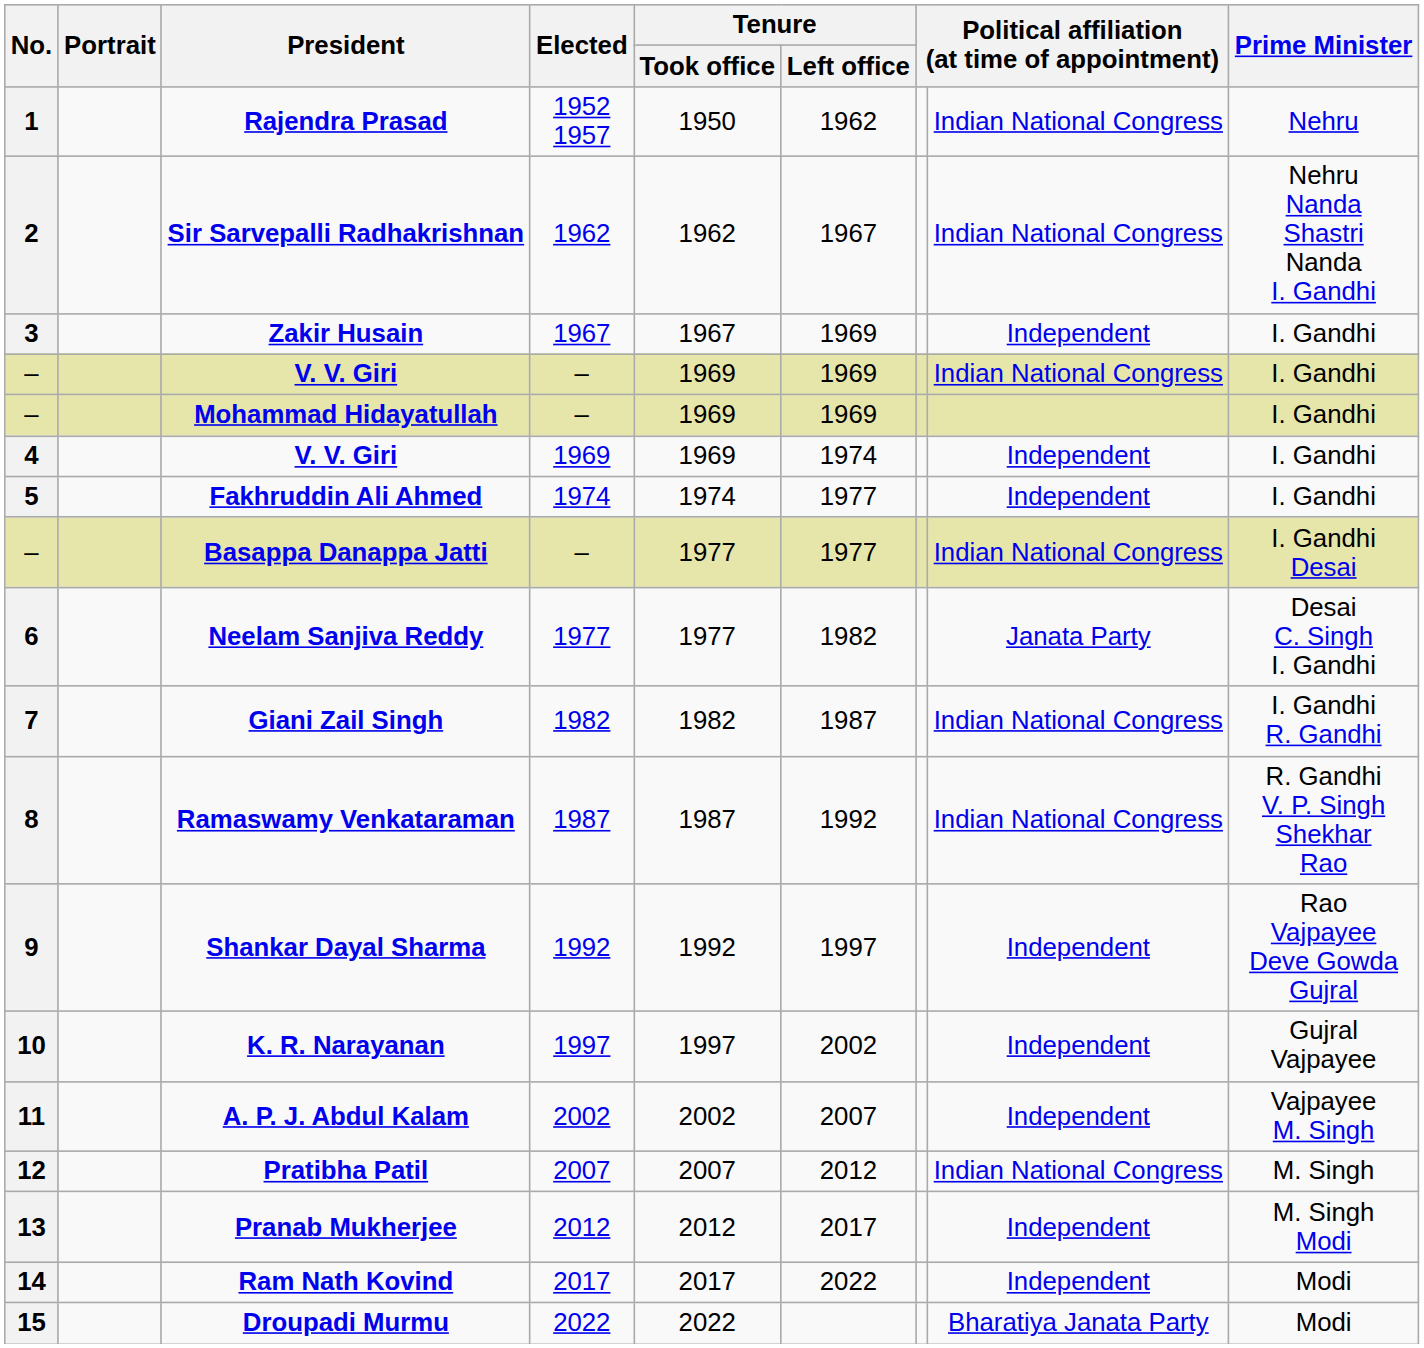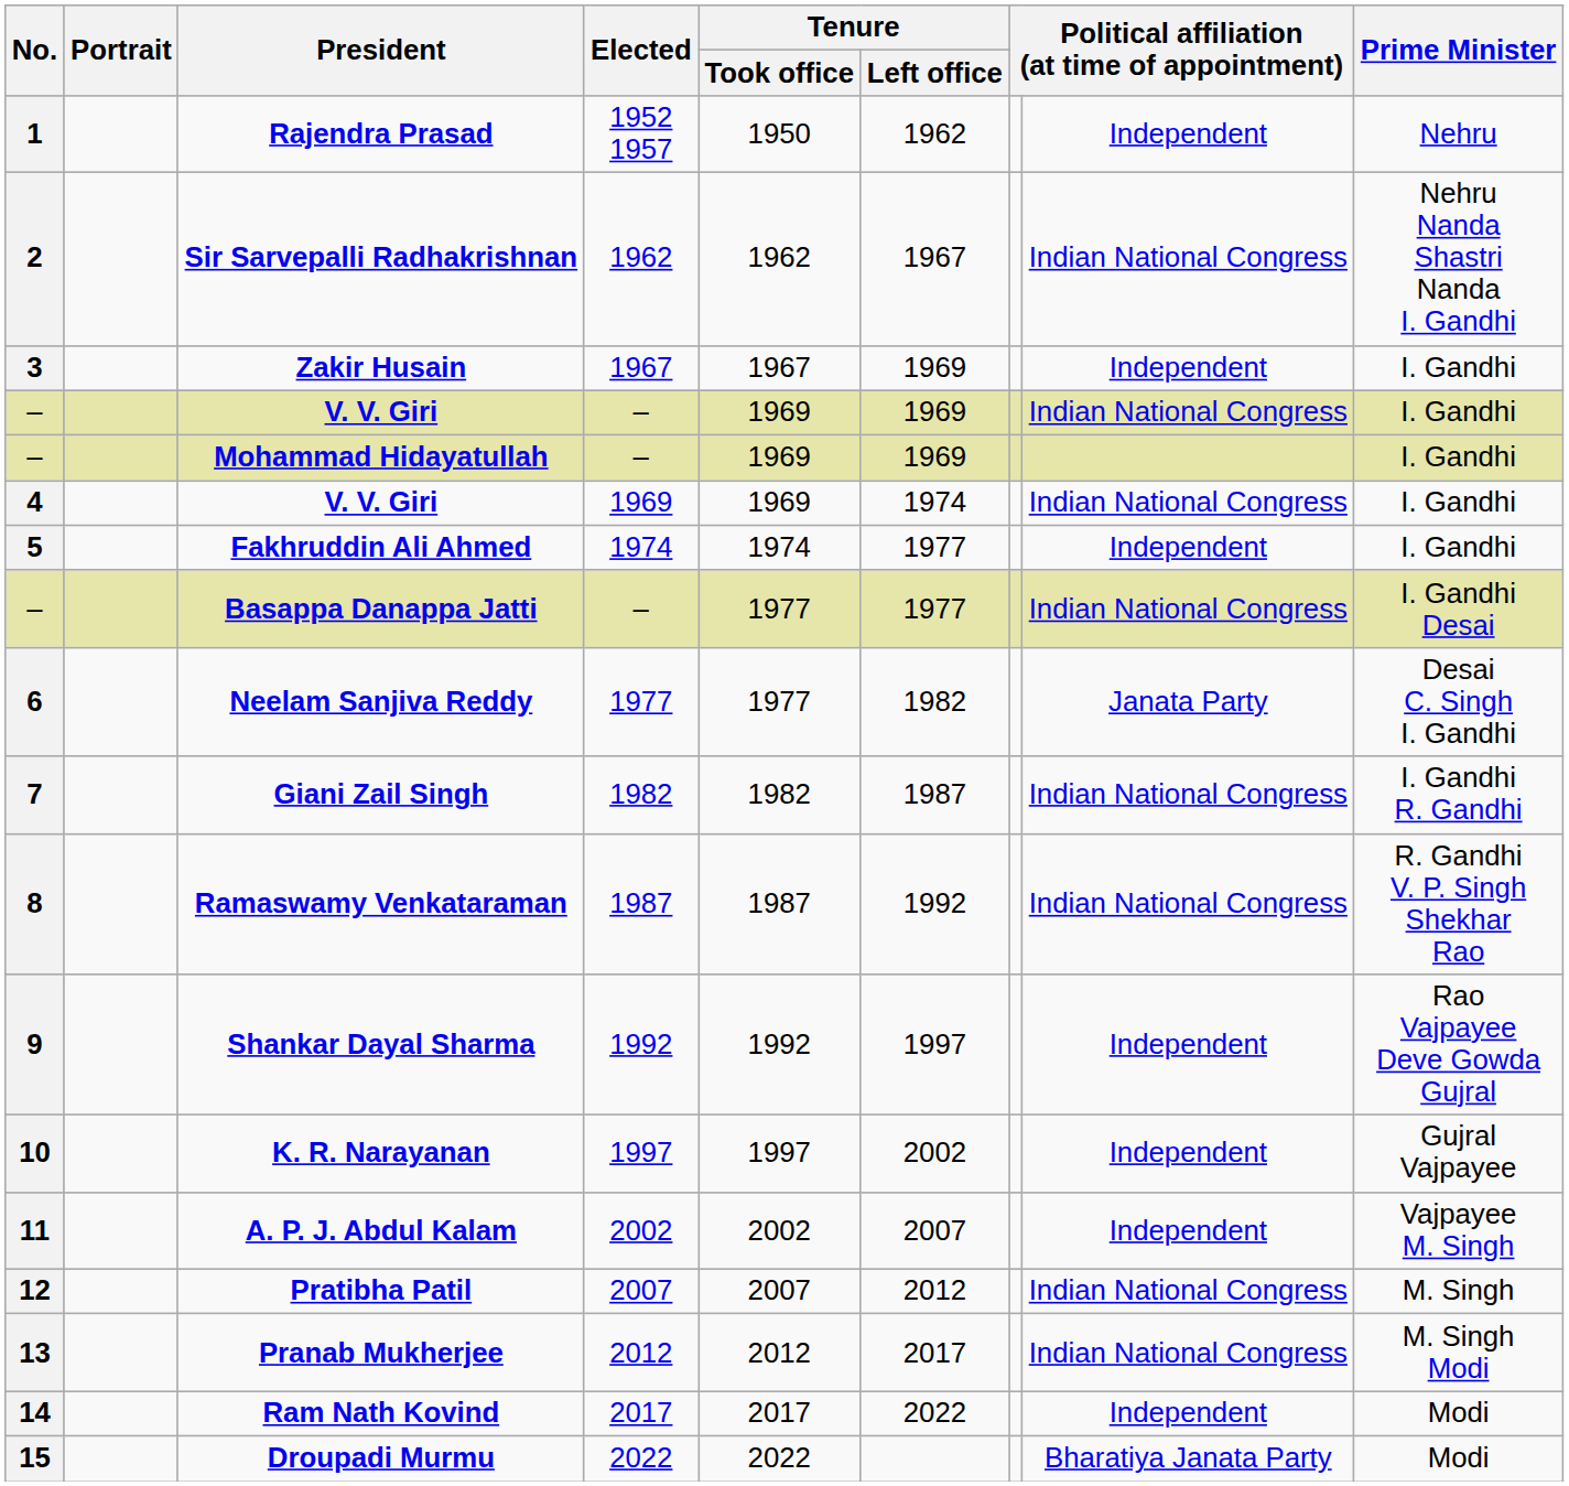 <table class="wikitable" style="text-align:center">
 <tr>
 <th rowspan=2>No.</th>
 <th rowspan=2>Portrait</th>
 <th rowspan=2>President<br></th>
 <th rowspan=2>Elected</th>
 <th colspan=2>Tenure</th>
 <th rowspan=2 colspan=2>Political affiliation<br>(at time of appointment)</th>
 <th rowspan=2><a href='#'>Prime Minister</a></th>
 </tr>
 <tr>
 <th>Took office</th>
 <th>Left office</th>
 </tr>
 <tr>
 <th>1</th>
 <td></td>
 <td><strong><a href='#'>Rajendra Prasad</a></strong><br></td>
 <td><a href='#'>1952</a><br><a href='#'>1957</a></td>
 <td> 1950</td>
 <td> 1962</td>
 <td style="background:"></td>
-<td><a href='#'>Indian National Congress</a></td>
+<td><a href='#'>Independent</a></td>
 <td><a href='#'>Nehru</a></td>
 </tr>
 <tr>
 <th>2</th>
 <td></td>
 <td><strong><a href='#'>Sir Sarvepalli Radhakrishnan</a></strong><br></td>
 <td><a href='#'>1962</a></td>
 <td> 1962</td>
 <td> 1967</td>
 <td style="background:"></td>
 <td><a href='#'>Indian National Congress</a></td>
 <td>Nehru<br><a href='#'>Nanda</a><br><a href='#'>Shastri</a><br>Nanda<br><a href='#'>I. Gandhi</a></td>
 </tr>
 <tr>
 <th>3</th>
 <td></td>
 <td><strong><a href='#'>Zakir Husain</a></strong><br></td>
 <td><a href='#'>1967</a></td>
 <td> 1967</td>
 <td> 1969<br></td>
 <td style="background:"></td>
 <td><a href='#'>Independent</a></td>
 <td>I. Gandhi</td>
 </tr>
 <tr style="background:#e6e6aa;">
 <td>–</td>
 <td></td>
 <td><strong><a href='#'>V. V. Giri</a></strong><br></td>
 <td>–</td>
 <td> 1969</td>
 <td> 1969</td>
 <td style="background:"></td>
 <td><a href='#'>Indian National Congress</a></td>
 <td>I. Gandhi</td>
 </tr>
 <tr style="background:#e6e6aa;">
 <td>–</td>
 <td></td>
 <td><strong><a href='#'>Mohammad Hidayatullah</a></strong><br></td>
 <td>–</td>
 <td> 1969</td>
 <td> 1969</td>
 <td style="background:"></td>
 <td></td>
 <td>I. Gandhi</td>
 </tr>
 <tr>
 <th>4</th>
 <td></td>
 <td><strong><a href='#'>V. V. Giri</a></strong><br></td>
 <td><a href='#'>1969</a></td>
 <td> 1969</td>
 <td> 1974</td>
 <td style="background:"></td>
-<td><a href='#'>Independent</a></td>
+<td><a href='#'>Indian National Congress</a></td>
 <td>I. Gandhi</td>
 </tr>
 <tr>
 <th>5</th>
 <td></td>
 <td><strong><a href='#'>Fakhruddin Ali Ahmed</a></strong><br></td>
 <td><a href='#'>1974</a></td>
 <td> 1974</td>
 <td> 1977<br></td>
 <td style="background:"></td>
 <td><a href='#'>Independent</a></td>
 <td>I. Gandhi</td>
 </tr>
 <tr style="background:#e6e6aa;">
 <td>–</td>
 <td></td>
 <td><strong><a href='#'>Basappa Danappa Jatti</a></strong><br></td>
 <td>–</td>
 <td> 1977</td>
 <td> 1977</td>
 <td style="background:"></td>
 <td><a href='#'>Indian National Congress</a></td>
 <td>I. Gandhi<br><a href='#'>Desai</a></td>
 </tr>
 <tr>
 <th>6</th>
 <td></td>
 <td><strong><a href='#'>Neelam Sanjiva Reddy</a></strong><br></td>
 <td><a href='#'>1977</a></td>
 <td> 1977</td>
 <td> 1982</td>
 <td style="background:"></td>
 <td><a href='#'>Janata Party</a></td>
 <td>Desai<br><a href='#'>C. Singh</a><br>I. Gandhi</td>
 </tr>
 <tr>
 <th>7</th>
 <td></td>
 <td><strong><a href='#'>Giani Zail Singh</a></strong><br></td>
 <td><a href='#'>1982</a></td>
 <td> 1982</td>
 <td> 1987</td>
 <td style="background:"></td>
 <td><a href='#'>Indian National Congress</a></td>
 <td>I. Gandhi<br><a href='#'>R. Gandhi</a></td>
 </tr>
 <tr>
 <th>8</th>
 <td></td>
 <td><strong><a href='#'>Ramaswamy Venkataraman</a></strong><br></td>
 <td><a href='#'>1987</a></td>
 <td> 1987</td>
 <td> 1992</td>
 <td style="background:"></td>
 <td><a href='#'>Indian National Congress</a></td>
 <td>R. Gandhi<br><a href='#'>V. P. Singh</a><br><a href='#'>Shekhar</a><br><a href='#'>Rao</a></td>
 </tr>
 <tr>
 <th>9</th>
 <td></td>
 <td><strong><a href='#'>Shankar Dayal Sharma</a></strong><br></td>
 <td><a href='#'>1992</a></td>
 <td> 1992</td>
 <td> 1997</td>
 <td style="background:"></td>
 <td><a href='#'>Independent</a></td>
 <td>Rao<br><a href='#'>Vajpayee</a><br><a href='#'>Deve Gowda</a><br><a href='#'>Gujral</a></td>
 </tr>
 <tr>
 <th>10</th>
 <td></td>
 <td><strong><a href='#'>K. R. Narayanan</a></strong><br></td>
 <td><a href='#'>1997</a></td>
 <td> 1997</td>
 <td> 2002</td>
 <td style="background:"></td>
 <td><a href='#'>Independent</a></td>
 <td>Gujral<br>Vajpayee</td>
 </tr>
 <tr>
 <th>11</th>
 <td></td>
 <td><strong><a href='#'>A. P. J. Abdul Kalam</a></strong><br></td>
 <td><a href='#'>2002</a></td>
 <td> 2002</td>
 <td> 2007</td>
 <td style="background:"></td>
 <td><a href='#'>Independent</a></td>
 <td>Vajpayee<br><a href='#'>M. Singh</a></td>
 </tr>
 <tr>
 <th>12</th>
 <td></td>
 <td><strong><a href='#'>Pratibha Patil</a></strong><br></td>
 <td><a href='#'>2007</a></td>
 <td> 2007</td>
 <td> 2012</td>
 <td style="background:"></td>
 <td><a href='#'>Indian National Congress</a></td>
 <td>M. Singh</td>
 </tr>
 <tr>
 <th>13</th>
 <td></td>
 <td><strong><a href='#'>Pranab Mukherjee</a></strong><br></td>
 <td><a href='#'>2012</a></td>
 <td> 2012</td>
 <td> 2017</td>
 <td style="background:"></td>
-<td><a href='#'>Independent</a></td>
+<td><a href='#'>Indian National Congress</a></td>
 <td>M. Singh<br><a href='#'>Modi</a></td>
 </tr>
 <tr>
 <th>14</th>
 <td></td>
 <td><strong><a href='#'>Ram Nath Kovind</a></strong><br></td>
 <td><a href='#'>2017</a></td>
 <td> 2017</td>
 <td> 2022</td>
 <td style="background:"></td>
 <td><a href='#'>Independent</a></td>
 <td>Modi</td>
 </tr>
 <tr>
 <th>15</th>
 <td></td>
 <td><strong><a href='#'>Droupadi Murmu</a></strong><br></td>
 <td><a href='#'>2022</a></td>
 <td> 2022</td>
 <td></td>
 <td style="background:"></td>
 <td><a href='#'>Bharatiya Janata Party</a></td>
 <td>Modi</td>
 </tr>
 </table>
